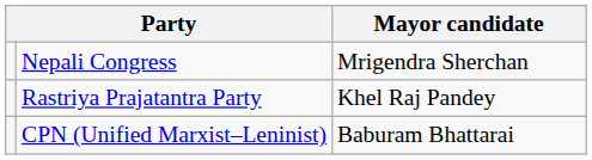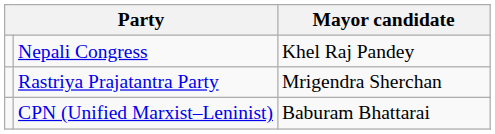 <table class="wikitable">
 <tr>
 <th colspan="2">Party</th>
 <th style="width: 125pt;">Mayor candidate</th>
 </tr>
 <tr>
 <td style="background-color:"></td>
 <td><a href='#'>Nepali Congress</a></td>
-<td>Mrigendra Sherchan</td>
+<td>Khel Raj Pandey</td>
 </tr>
 <tr>
 <td></td>
 <td><a href='#'>Rastriya Prajatantra Party</a></td>
-<td>Khel Raj Pandey</td>
+<td>Mrigendra Sherchan</td>
 </tr>
 <tr>
 <td style="background-color:"></td>
 <td><a href='#'>CPN (Unified Marxist–Leninist)</a></td>
 <td>Baburam Bhattarai</td>
 </tr>
 </table>
